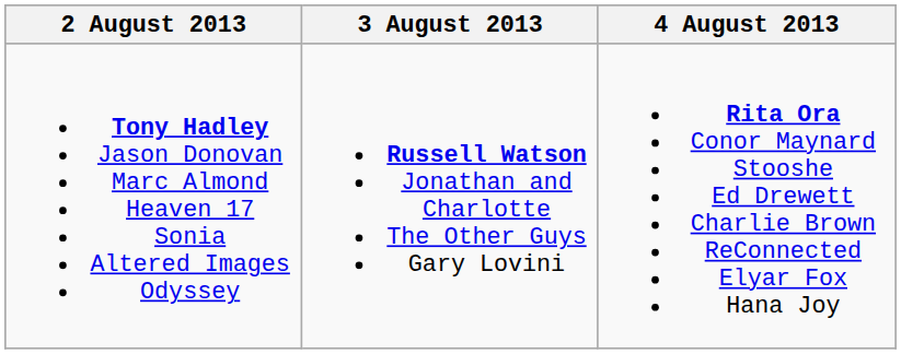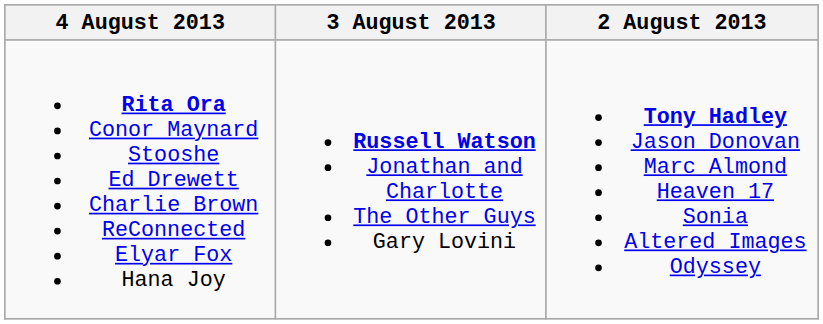 <table class="wikitable" style="text-align:center;">
 <tr>
+<th scope="col" style="width:12em;">4 August 2013</th>
+<th scope="col" style="width:12em;">3 August 2013</th>
 <th scope="col" style="width:12em;">2 August 2013</th>
-<th scope="col" style="width:12em;">3 August 2013</th>
-<th scope="col" style="width:12em;">4 August 2013</th>
 </tr>
 <tr>
+<td><br><ul><li><strong><a href='#'>Rita Ora</a></strong></li><li><a href='#'>Conor Maynard</a></li><li><a href='#'>Stooshe</a></li><li><a href='#'>Ed Drewett</a></li><li><a href='#'>Charlie Brown</a></li><li><a href='#'>ReConnected</a></li><li><a href='#'>Elyar Fox</a></li><li>Hana Joy</li></ul></td>
+<td><br><ul><li><strong><a href='#'>Russell Watson</a></strong></li><li><a href='#'>Jonathan and Charlotte</a></li><li><a href='#'>The Other Guys</a></li><li>Gary Lovini</li></ul></td>
 <td><br><ul><li><strong><a href='#'>Tony Hadley</a></strong></li><li><a href='#'>Jason Donovan</a></li><li><a href='#'>Marc Almond</a></li><li><a href='#'>Heaven 17</a></li><li><a href='#'>Sonia</a></li><li><a href='#'>Altered Images</a></li><li><a href='#'>Odyssey</a></li></ul></td>
-<td><br><ul><li><strong><a href='#'>Russell Watson</a></strong></li><li><a href='#'>Jonathan and Charlotte</a></li><li><a href='#'>The Other Guys</a></li><li>Gary Lovini</li></ul></td>
-<td><br><ul><li><strong><a href='#'>Rita Ora</a></strong></li><li><a href='#'>Conor Maynard</a></li><li><a href='#'>Stooshe</a></li><li><a href='#'>Ed Drewett</a></li><li><a href='#'>Charlie Brown</a></li><li><a href='#'>ReConnected</a></li><li><a href='#'>Elyar Fox</a></li><li>Hana Joy</li></ul></td>
 </tr>
 </table>
